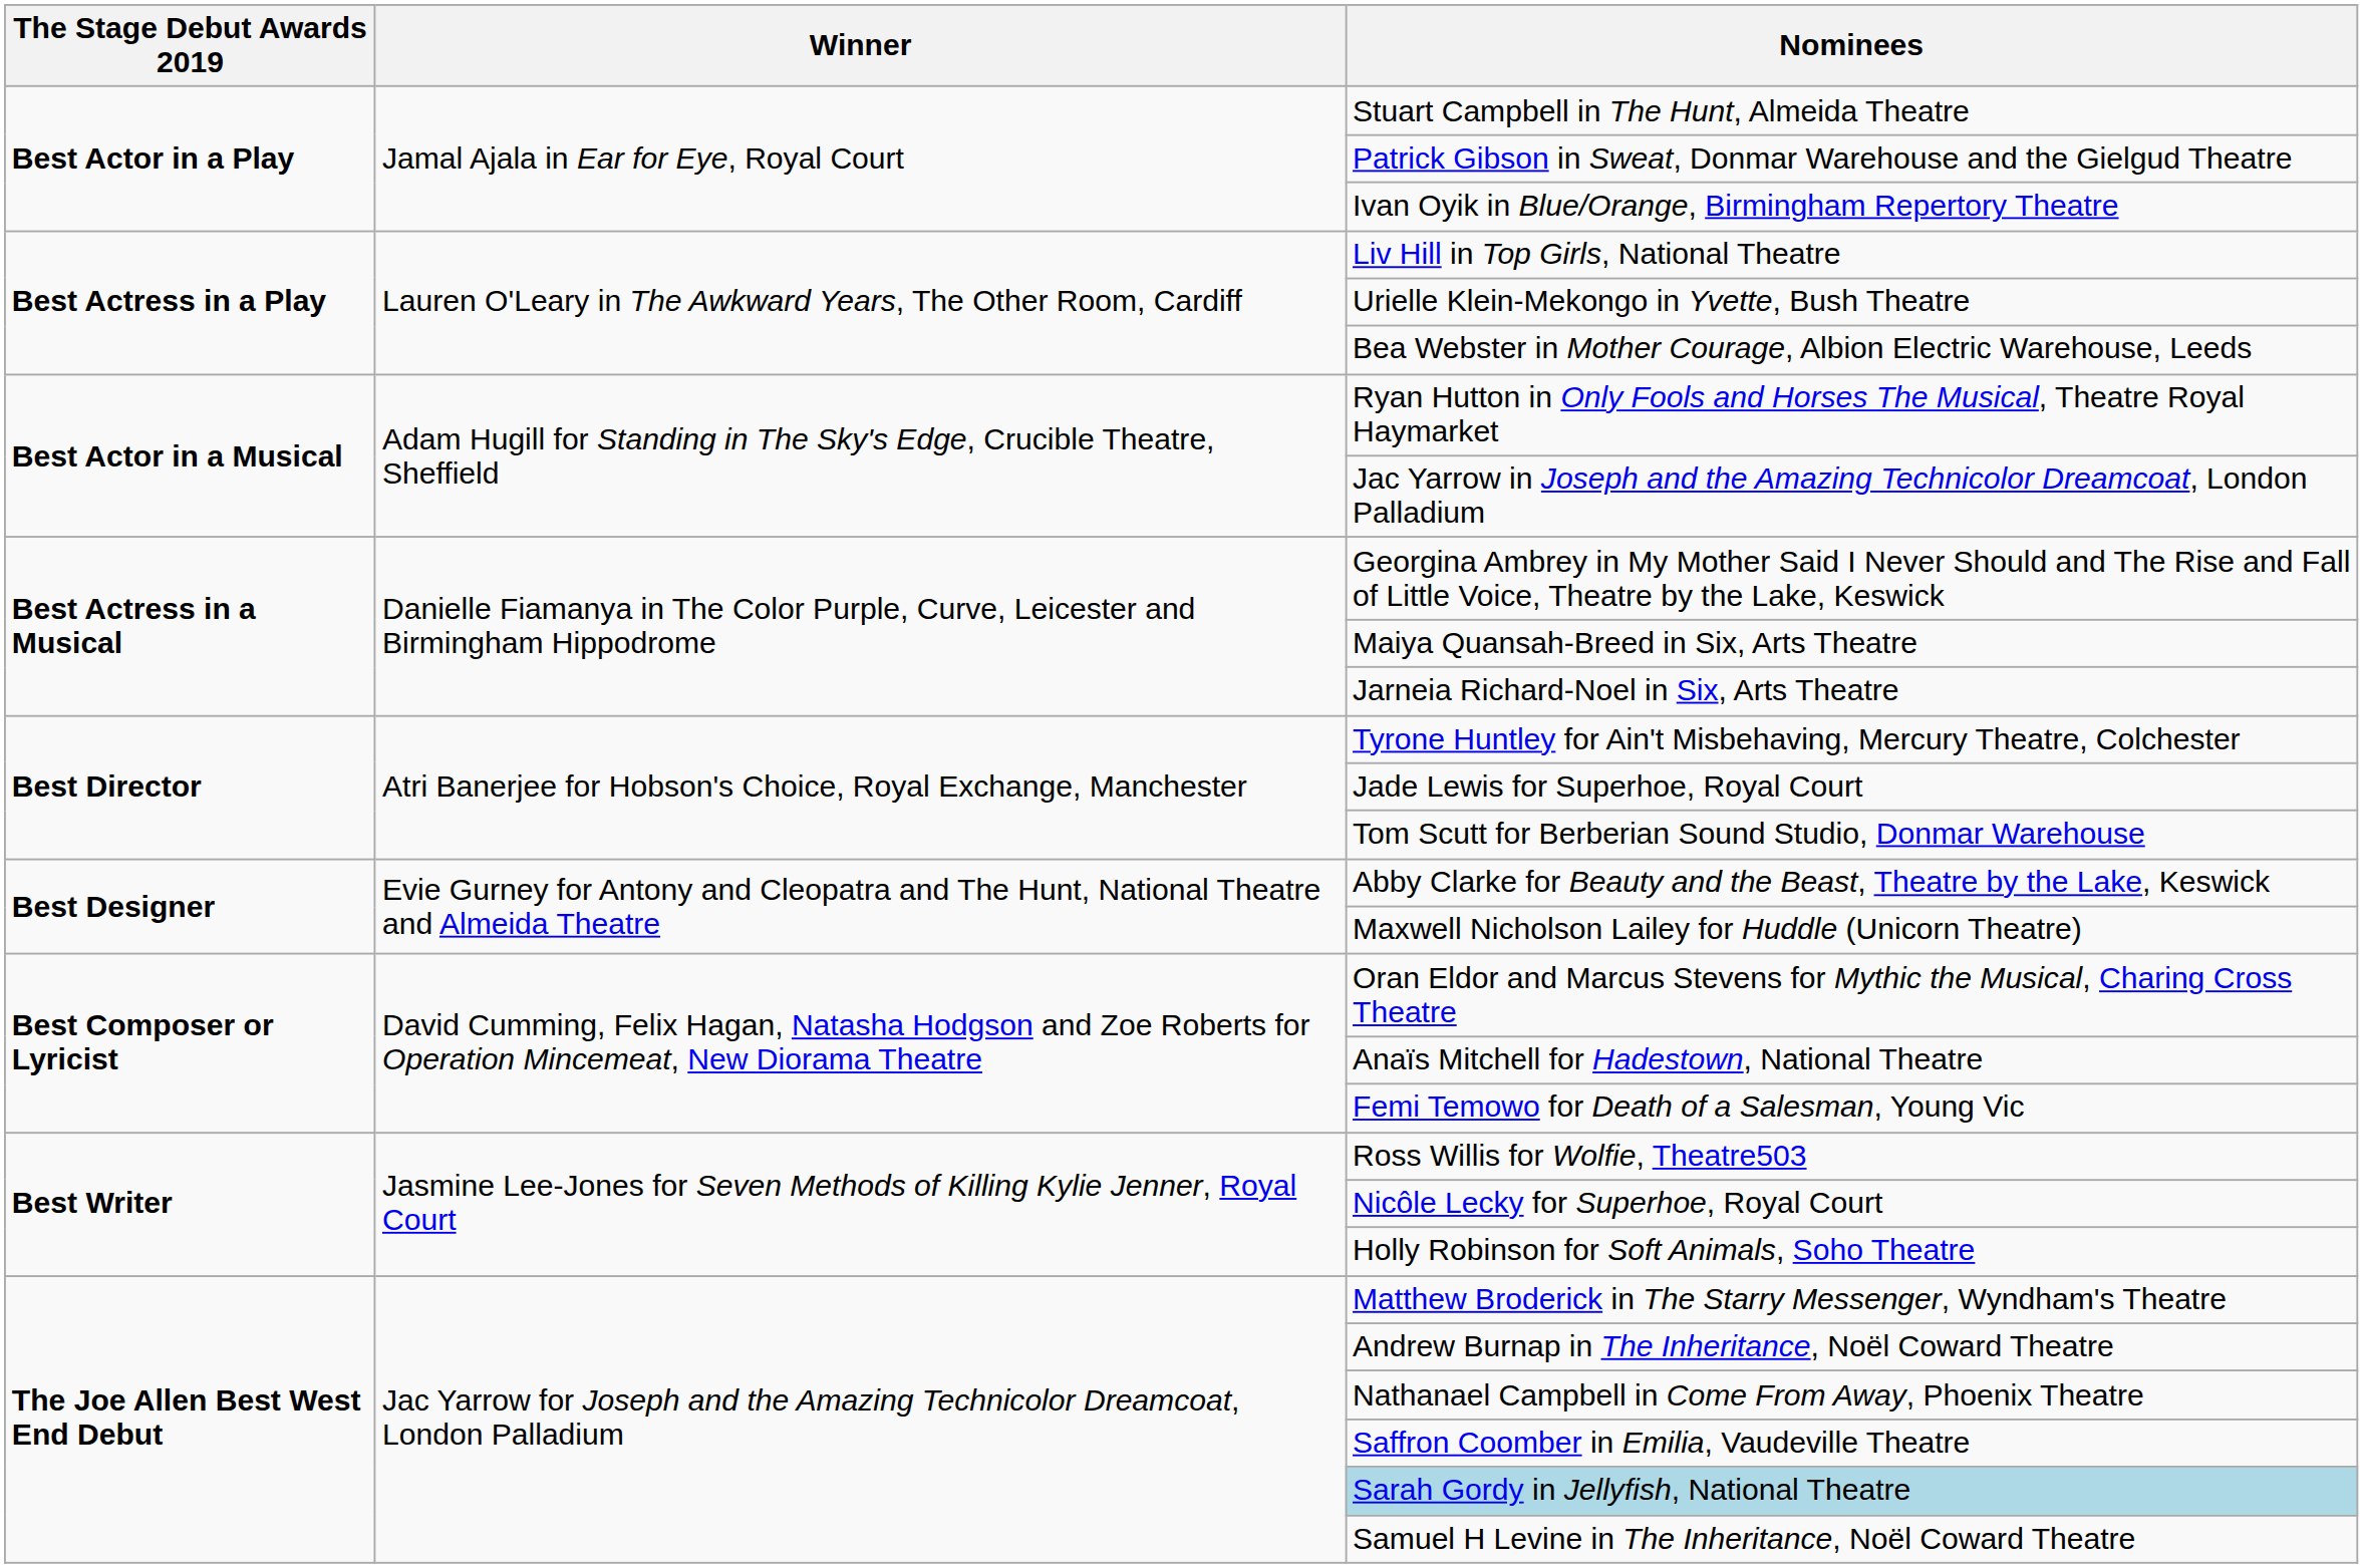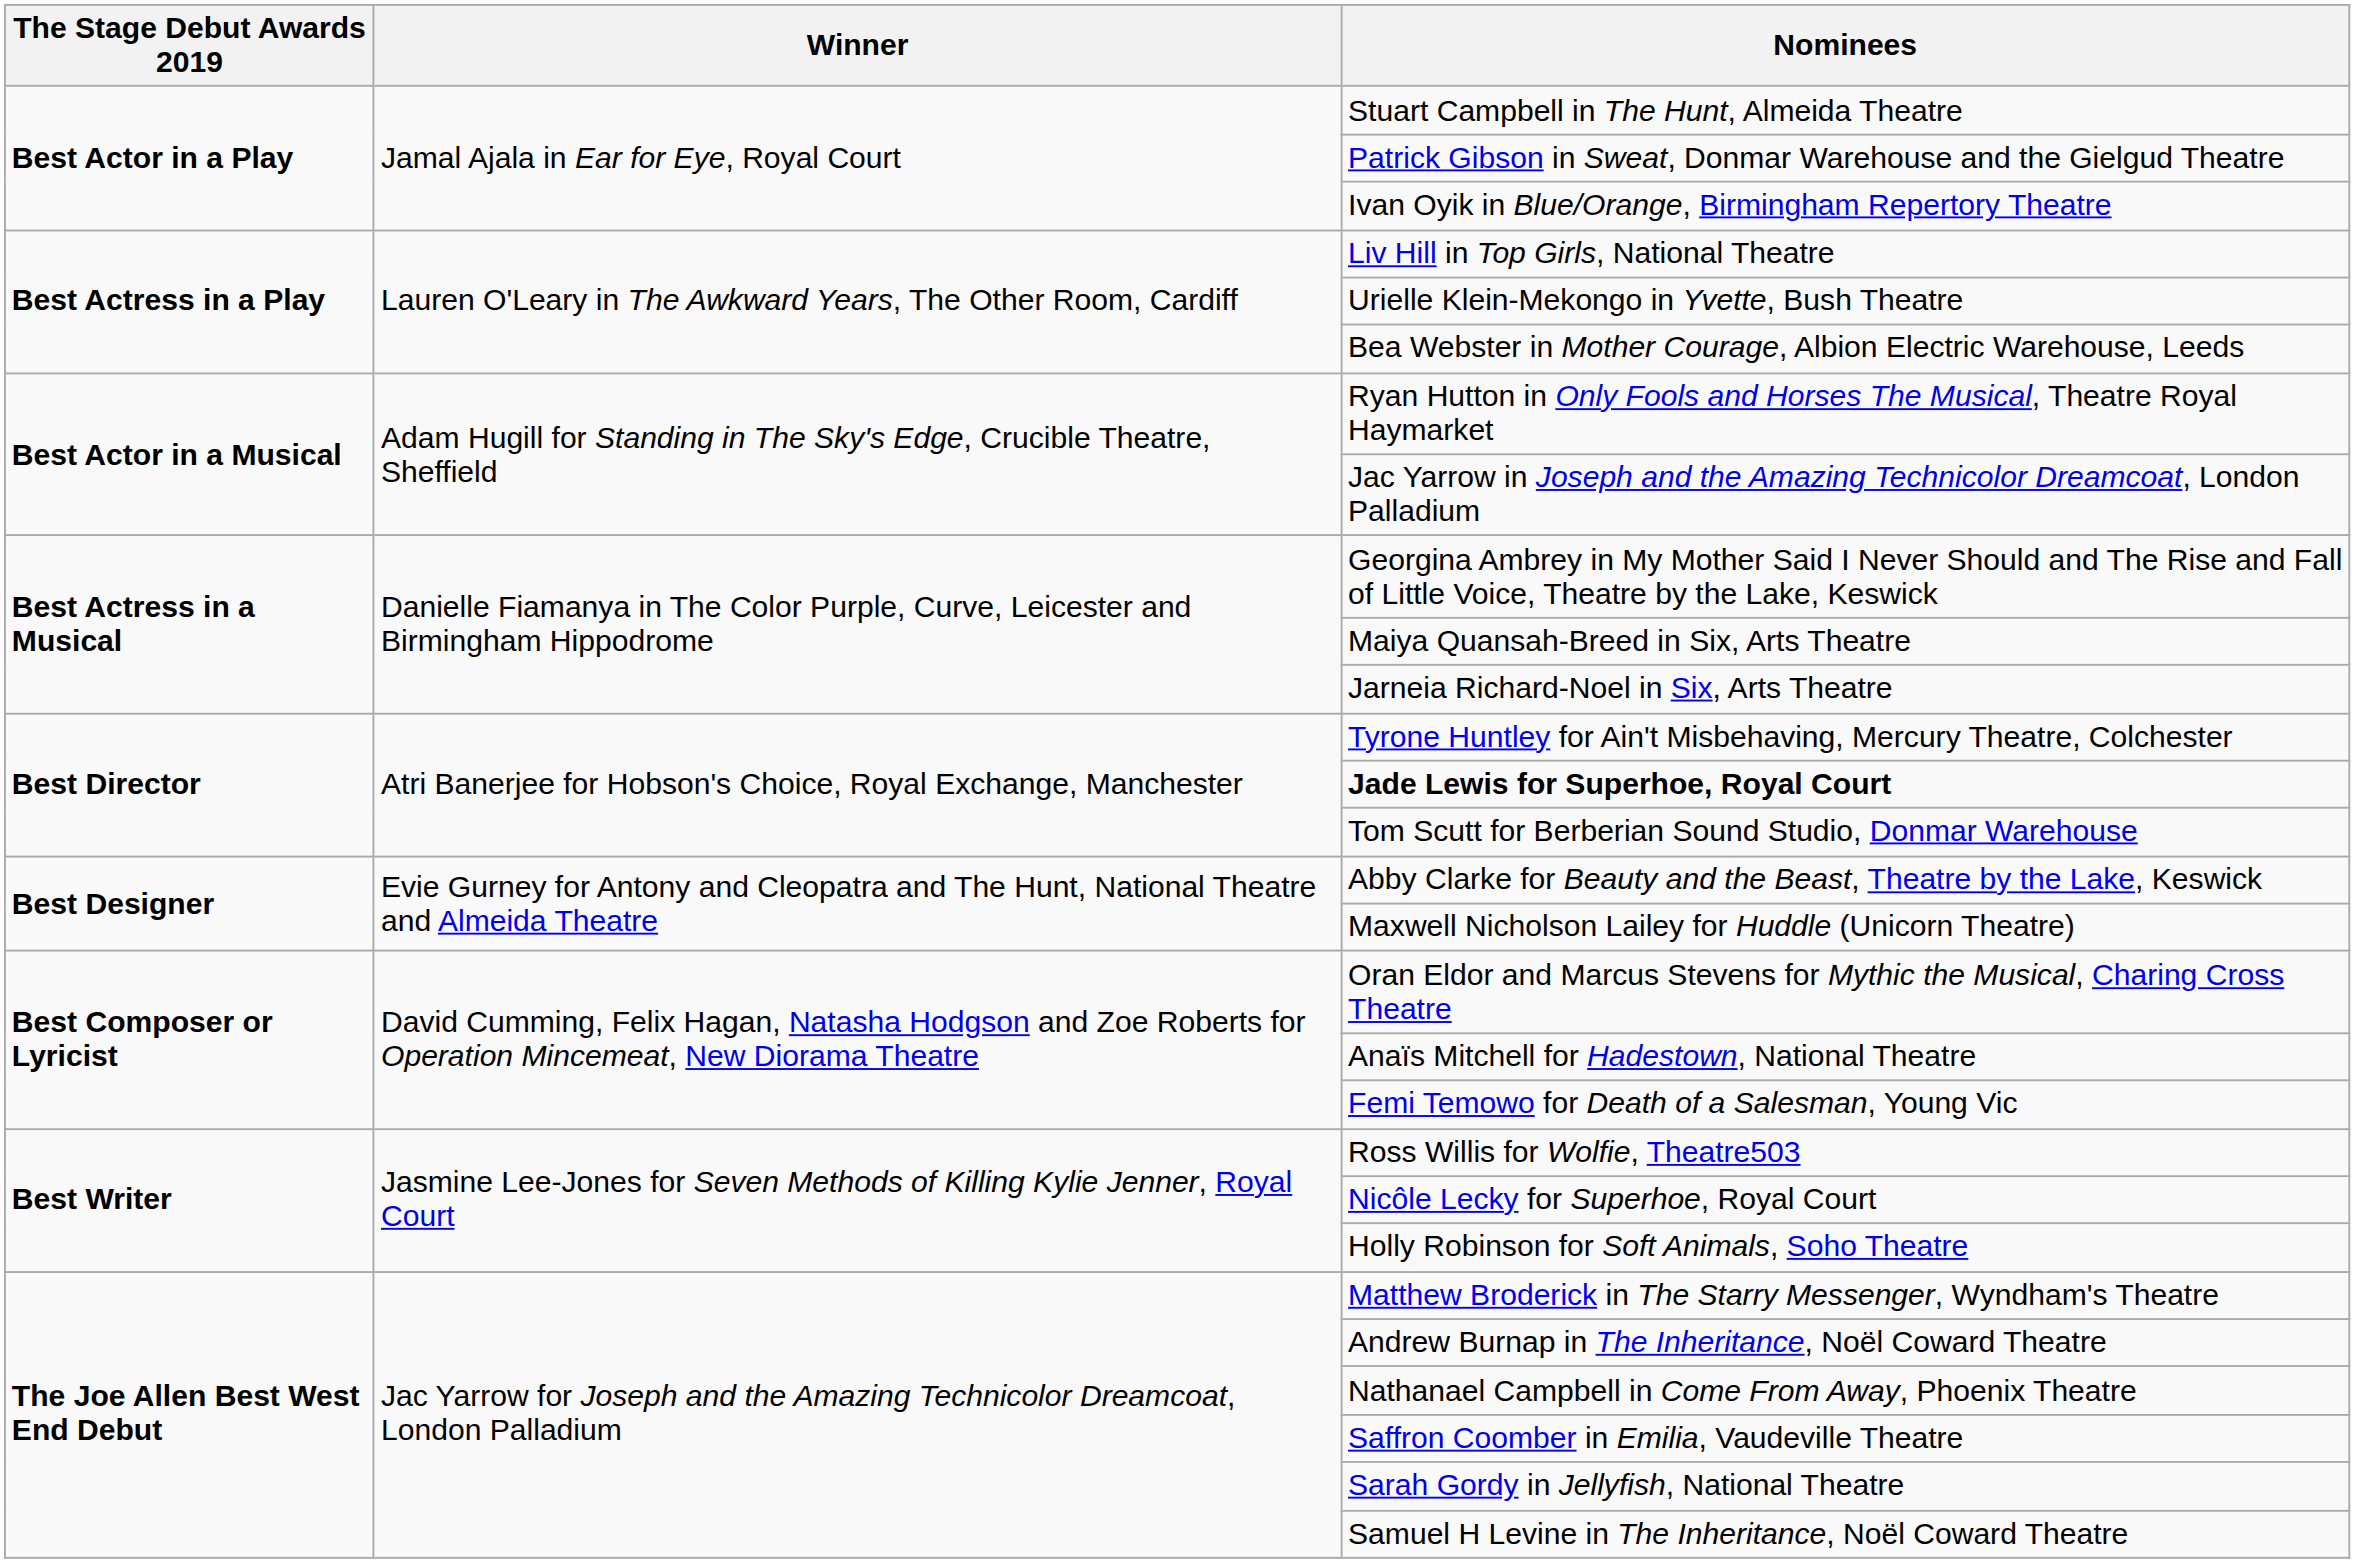 <table class="wikitable">
 <tr>
 <th>The Stage Debut Awards 2019</th>
 <th>Winner</th>
 <th>Nominees</th>
 </tr>
 <tr>
 <td rowspan="3"><strong>Best Actor in a Play</strong></td>
 <td rowspan="3">Jamal Ajala in <em>Ear for Eye</em>, Royal Court</td>
 <td>Stuart Campbell in <em>The Hunt</em>, Almeida Theatre</td>
 </tr>
 <tr>
 <td><a href='#'>Patrick Gibson</a> in <em>Sweat</em>, Donmar Warehouse and the Gielgud Theatre</td>
 </tr>
 <tr>
 <td>Ivan Oyik in <em>Blue/Orange</em>, <a href='#'>Birmingham Repertory Theatre</a></td>
 </tr>
 <tr>
 <td rowspan="3"><strong>Best Actress in a Play</strong></td>
 <td rowspan="3">Lauren O'Leary in <em>The Awkward Years</em>, The Other Room, Cardiff</td>
 <td><a href='#'>Liv Hill</a> in <em>Top Girls</em>, National Theatre</td>
 </tr>
 <tr>
 <td>Urielle Klein-Mekongo in <em>Yvette</em>, Bush Theatre</td>
 </tr>
 <tr>
 <td>Bea Webster in <em>Mother Courage</em>, Albion Electric Warehouse, Leeds</td>
 </tr>
 <tr>
 <td rowspan="2"><strong>Best Actor in a Musical</strong></td>
 <td rowspan="2">Adam Hugill for <em>Standing in The Sky's Edge</em>, Crucible Theatre, Sheffield</td>
 <td>Ryan Hutton in <em><a href='#'>Only Fools and Horses The Musical</a></em>, Theatre Royal Haymarket</td>
 </tr>
 <tr>
 <td>Jac Yarrow in <em><a href='#'>Joseph and the Amazing Technicolor Dreamcoat</a></em>, London Palladium</td>
 </tr>
 <tr>
 <td rowspan="3"><strong>Best Actress in a Musical</strong></td>
 <td rowspan="3">Danielle Fiamanya in The Color Purple, Curve, Leicester and Birmingham Hippodrome</td>
 <td>Georgina Ambrey in My Mother Said I Never Should and The Rise and Fall of Little Voice, Theatre by the Lake, Keswick</td>
 </tr>
 <tr>
 <td>Maiya Quansah-Breed in Six, Arts Theatre</td>
 </tr>
 <tr>
 <td>Jarneia Richard-Noel in <a href='#'>Six</a>, Arts Theatre</td>
 </tr>
 <tr>
 <td rowspan="3"><strong>Best Director</strong></td>
 <td rowspan="3">Atri Banerjee for Hobson's Choice, Royal Exchange, Manchester</td>
 <td><a href='#'>Tyrone Huntley</a> for Ain't Misbehaving, Mercury Theatre, Colchester</td>
 </tr>
 <tr>
-<td>Jade Lewis for Superhoe, Royal Court</td>
+<td><strong>Jade Lewis for Superhoe, Royal Court</strong></td>
 </tr>
 <tr>
 <td>Tom Scutt for Berberian Sound Studio, <a href='#'>Donmar Warehouse</a></td>
 </tr>
 <tr>
 <td rowspan="2"><strong>Best Designer</strong></td>
 <td rowspan="2">Evie Gurney for Antony and Cleopatra and The Hunt, National Theatre and <a href='#'>Almeida Theatre</a></td>
 <td>Abby Clarke for <em>Beauty and the Beast</em>, <a href='#'>Theatre by the Lake</a>, Keswick</td>
 </tr>
 <tr>
 <td>Maxwell Nicholson Lailey for <em>Huddle</em> (Unicorn Theatre)</td>
 </tr>
 <tr>
 <td rowspan="3"><strong>Best Composer or Lyricist</strong></td>
 <td rowspan="3">David Cumming, Felix Hagan, <a href='#'>Natasha Hodgson</a> and Zoe Roberts for <em>Operation Mincemeat</em>, <a href='#'>New Diorama Theatre</a></td>
 <td>Oran Eldor and Marcus Stevens for <em>Mythic the Musical</em>, <a href='#'>Charing Cross Theatre</a></td>
 </tr>
 <tr>
 <td>Anaïs Mitchell for <em><a href='#'>Hadestown</a></em>, National Theatre</td>
 </tr>
 <tr>
 <td><a href='#'>Femi Temowo</a> for <em>Death of a Salesman</em>, Young Vic</td>
 </tr>
 <tr>
 <td rowspan="3"><strong>Best Writer</strong></td>
 <td rowspan="3">Jasmine Lee-Jones for <em>Seven Methods of Killing Kylie Jenner</em>, <a href='#'>Royal Court</a></td>
 <td>Ross Willis for <em>Wolfie</em>, <a href='#'>Theatre503</a></td>
 </tr>
 <tr>
 <td><a href='#'>Nicôle Lecky</a> for <em>Superhoe</em>, Royal Court</td>
 </tr>
 <tr>
 <td>Holly Robinson for <em>Soft Animals</em>, <a href='#'>Soho Theatre</a></td>
 </tr>
 <tr>
 <td rowspan="7"><strong>The Joe Allen Best West End Debut</strong></td>
 <td rowspan="7">Jac Yarrow for <em>Joseph and the Amazing Technicolor Dreamcoat</em>, London Palladium</td>
 <td><a href='#'>Matthew Broderick</a> in <em>The Starry Messenger</em>, Wyndham's Theatre</td>
 </tr>
 <tr>
 <td>Andrew Burnap in <em><a href='#'>The Inheritance</a></em>, Noël Coward Theatre</td>
 </tr>
 <tr>
 <td>Nathanael Campbell in <em>Come From Away</em>, Phoenix Theatre</td>
 </tr>
 <tr>
 <td><a href='#'>Saffron Coomber</a> in <em>Emilia</em>, Vaudeville Theatre</td>
 </tr>
 <tr>
-<td style="background: lightblue;"><a href='#'>Sarah Gordy</a> in <em>Jellyfish</em>, National Theatre</td>
+<td><a href='#'>Sarah Gordy</a> in <em>Jellyfish</em>, National Theatre</td>
 </tr>
 <tr>
 <td>Samuel H Levine in <em>The Inheritance</em>, Noël Coward Theatre</td>
 </tr>
 </table>
